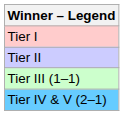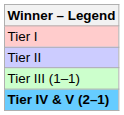 <table class="wikitable" style="font-size:90%;">
 <tr>
 <th>Winner – Legend</th>
 </tr>
 <tr>
 <td style="background:#fcc;">Tier I</td>
 </tr>
 <tr>
 <td style="background:#ccf;">Tier II</td>
 </tr>
 <tr>
 <td style="background:#cfc;">Tier III (1–1)</td>
 </tr>
 <tr>
-<td style="background:#6cf;">Tier IV & V (2–1)</td>
+<td style="background:#6cf;"><strong>Tier IV & V (2–1)</strong></td>
 </tr>
 </table>
